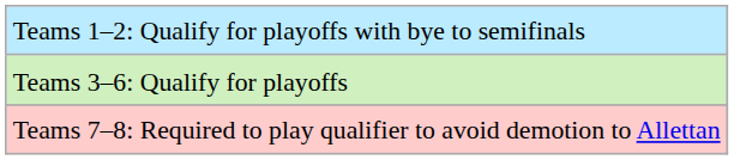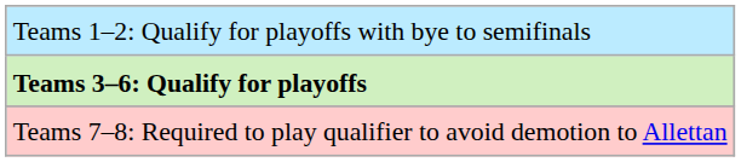 <table class="wikitable">
 <tr style="background: #BBEBFF;">
 <td><small>Teams 1–2: Qualify for playoffs with bye to semifinals</small></td>
 </tr>
 <tr style="background: #D0F0C0;">
-<td><small>Teams 3–6: Qualify for playoffs</small></td>
+<td><strong><small>Teams 3–6: Qualify for playoffs</small></strong></td>
 </tr>
 <tr style="background: #FFCCCC;">
 <td><small>Teams 7–8: Required to play qualifier to avoid demotion to <a href='#'>Allettan</a></small></td>
 </tr>
 </table>
